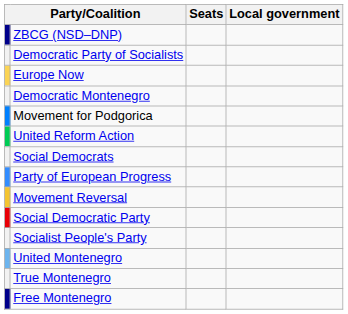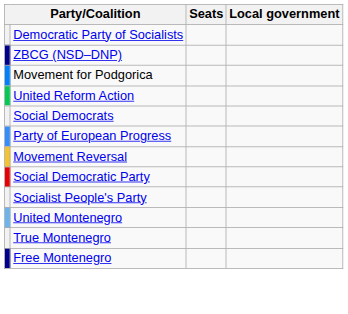 <table class="wikitable" style="text-align:left;">
 <tr>
 <th colspan=2>Party/Coalition</th>
 <th>Seats</th>
 <th>Local government</th>
-</tr>
-<tr>
-<th style="background-color: darkblue"></th>
-<td><a href='#'>ZBCG (NSD–DNP)</a></td>
-<td></td>
-<td></td>
 </tr>
 <tr>
 <th style="background-color: "></th>
 <td><a href='#'>Democratic Party of Socialists</a></td>
 <td></td>
 <td></td>
 </tr>
 <tr>
-<th style="background-color: #FBD455"></th>
-<td><a href='#'>Europe Now</a></td>
-<td></td>
-<td></td>
-</tr>
-<tr>
-<th style="background-color: "></th>
-<td><a href='#'>Democratic Montenegro</a></td>
+<th style="background-color: darkblue"></th>
+<td><a href='#'>ZBCG (NSD–DNP)</a></td>
 <td></td>
 <td></td>
 </tr>
 <tr>
 <th style="background-color: #0080FF"></th>
 <td>Movement for Podgorica</td>
 <td></td>
 <td></td>
 </tr>
 <tr>
 <th style="background-color: #00cc55"></th>
 <td><a href='#'>United Reform Action</a></td>
 <td></td>
 <td></td>
 </tr>
 <tr>
 <th style="background-color: "></th>
 <td><a href='#'>Social Democrats</a></td>
 <td></td>
 <td></td>
 </tr>
 <tr>
 <th style="background-color: #338DFF"></th>
 <td><a href='#'>Party of European Progress</a></td>
 <td></td>
 <td></td>
 </tr>
 <tr>
 <th style="background-color: #F4C430"></th>
 <td><a href='#'>Movement Reversal</a></td>
 <td></td>
 <td></td>
 </tr>
 <tr>
 <th style="background-color: #E90007"></th>
 <td><a href='#'>Social Democratic Party</a></td>
 <td></td>
 <td></td>
 </tr>
 <tr>
 <th style="background-color: "></th>
 <td><a href='#'>Socialist People's Party</a></td>
 <td></td>
 <td></td>
 </tr>
 <tr>
 <th style="background-color: #6CB4EE"></th>
 <td><a href='#'>United Montenegro</a></td>
 <td></td>
 <td></td>
 </tr>
 <tr>
 <th style="background-color: "></th>
 <td><a href='#'>True Montenegro</a></td>
 <td></td>
 <td></td>
 </tr>
 <tr>
 <th style="background-color: darkblue"></th>
 <td><a href='#'> Free Montenegro</a></td>
 <td></td>
 <td></td>
 </tr>
 </table>
